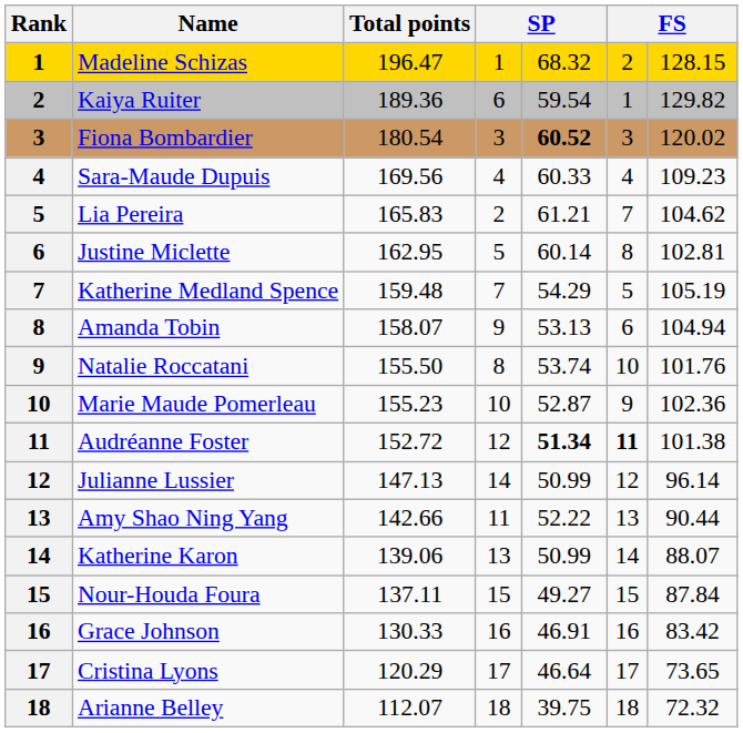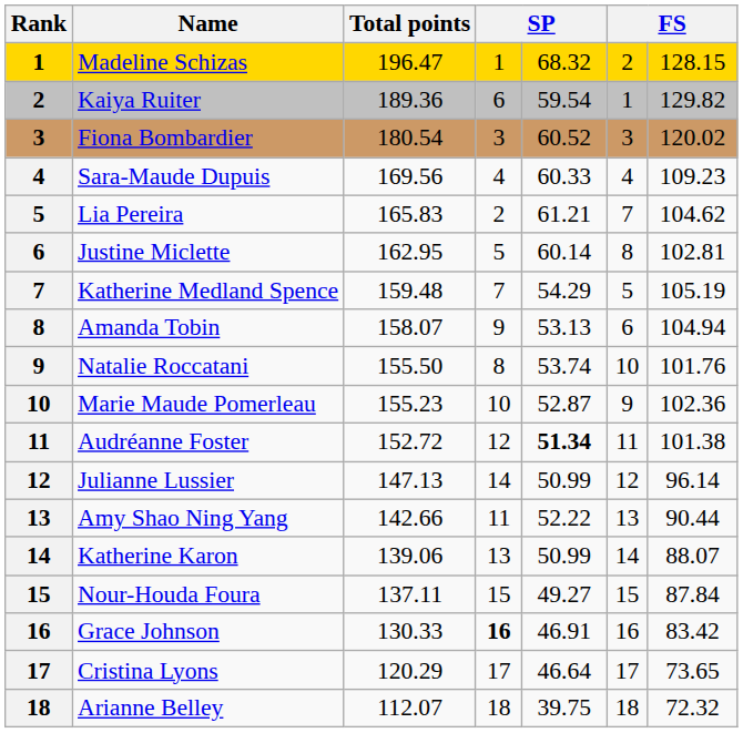 <table class="wikitable sortable">
 <tr>
 <th>Rank</th>
 <th>Name</th>
 <th>Total points</th>
 <th colspan="2" width="80px"><a href='#'>SP</a></th>
 <th colspan="2" width="80px"><a href='#'>FS</a></th>
 </tr>
 <tr bgcolor="gold">
 <td align="center"><strong>1</strong></td>
 <td><a href='#'>Madeline Schizas</a></td>
 <td align="center">196.47</td>
 <td align="center">1</td>
 <td align="center">68.32</td>
 <td align="center">2</td>
 <td align="center">128.15</td>
 </tr>
 <tr bgcolor="silver">
 <td align="center"><strong>2</strong></td>
 <td><a href='#'>Kaiya Ruiter</a></td>
 <td align="center">189.36</td>
 <td align="center">6</td>
 <td align="center">59.54</td>
 <td align="center">1</td>
 <td align="center">129.82</td>
 </tr>
 <tr bgcolor="cc9966">
 <td align="center"><strong>3</strong></td>
 <td><a href='#'>Fiona Bombardier</a></td>
 <td align="center">180.54</td>
 <td align="center">3</td>
-<td align="center"><strong>60.52</strong></td>
+<td align="center">60.52</td>
 <td align="center">3</td>
 <td align="center">120.02</td>
 </tr>
 <tr>
 <th>4</th>
 <td><a href='#'>Sara-Maude Dupuis</a></td>
 <td align="center">169.56</td>
 <td align="center">4</td>
 <td align="center">60.33</td>
 <td align="center">4</td>
 <td align="center">109.23</td>
 </tr>
 <tr>
 <th>5</th>
 <td><a href='#'>Lia Pereira</a></td>
 <td align="center">165.83</td>
 <td align="center">2</td>
 <td align="center">61.21</td>
 <td align="center">7</td>
 <td align="center">104.62</td>
 </tr>
 <tr>
 <th>6</th>
 <td><a href='#'>Justine Miclette</a></td>
 <td align="center">162.95</td>
 <td align="center">5</td>
 <td align="center">60.14</td>
 <td align="center">8</td>
 <td align="center">102.81</td>
 </tr>
 <tr>
 <th>7</th>
 <td><a href='#'>Katherine Medland Spence</a></td>
 <td align="center">159.48</td>
 <td align="center">7</td>
 <td align="center">54.29</td>
 <td align="center">5</td>
 <td align="center">105.19</td>
 </tr>
 <tr>
 <th>8</th>
 <td><a href='#'>Amanda Tobin</a></td>
 <td align="center">158.07</td>
 <td align="center">9</td>
 <td align="center">53.13</td>
 <td align="center">6</td>
 <td align="center">104.94</td>
 </tr>
 <tr>
 <th>9</th>
 <td><a href='#'>Natalie Roccatani</a></td>
 <td align="center">155.50</td>
 <td align="center">8</td>
 <td align="center">53.74</td>
 <td align="center">10</td>
 <td align="center">101.76</td>
 </tr>
 <tr>
 <th>10</th>
 <td><a href='#'>Marie Maude Pomerleau</a></td>
 <td align="center">155.23</td>
 <td align="center">10</td>
 <td align="center">52.87</td>
 <td align="center">9</td>
 <td align="center">102.36</td>
 </tr>
 <tr>
 <th>11</th>
 <td><a href='#'>Audréanne Foster</a></td>
 <td align="center">152.72</td>
 <td align="center">12</td>
 <td align="center"><strong>51.34</strong></td>
-<td align="center"><strong>11</strong></td>
+<td align="center">11</td>
 <td align="center">101.38</td>
 </tr>
 <tr>
 <th>12</th>
 <td><a href='#'>Julianne Lussier</a></td>
 <td align="center">147.13</td>
 <td align="center">14</td>
 <td align="center">50.99</td>
 <td align="center">12</td>
 <td align="center">96.14</td>
 </tr>
 <tr>
 <th>13</th>
 <td><a href='#'>Amy Shao Ning Yang</a></td>
 <td align="center">142.66</td>
 <td align="center">11</td>
 <td align="center">52.22</td>
 <td align="center">13</td>
 <td align="center">90.44</td>
 </tr>
 <tr>
 <th>14</th>
 <td><a href='#'>Katherine Karon</a></td>
 <td align="center">139.06</td>
 <td align="center">13</td>
 <td align="center">50.99</td>
 <td align="center">14</td>
 <td align="center">88.07</td>
 </tr>
 <tr>
 <th>15</th>
 <td><a href='#'>Nour-Houda Foura</a></td>
 <td align="center">137.11</td>
 <td align="center">15</td>
 <td align="center">49.27</td>
 <td align="center">15</td>
 <td align="center">87.84</td>
 </tr>
 <tr>
 <th>16</th>
 <td><a href='#'>Grace Johnson</a></td>
 <td align="center">130.33</td>
-<td align="center">16</td>
+<td align="center"><strong>16</strong></td>
 <td align="center">46.91</td>
 <td align="center">16</td>
 <td align="center">83.42</td>
 </tr>
 <tr>
 <th>17</th>
 <td><a href='#'>Cristina Lyons</a></td>
 <td align="center">120.29</td>
 <td align="center">17</td>
 <td align="center">46.64</td>
 <td align="center">17</td>
 <td align="center">73.65</td>
 </tr>
 <tr>
 <th>18</th>
 <td><a href='#'>Arianne Belley</a></td>
 <td align="center">112.07</td>
 <td align="center">18</td>
 <td align="center">39.75</td>
 <td align="center">18</td>
 <td align="center">72.32</td>
 </tr>
 </table>
